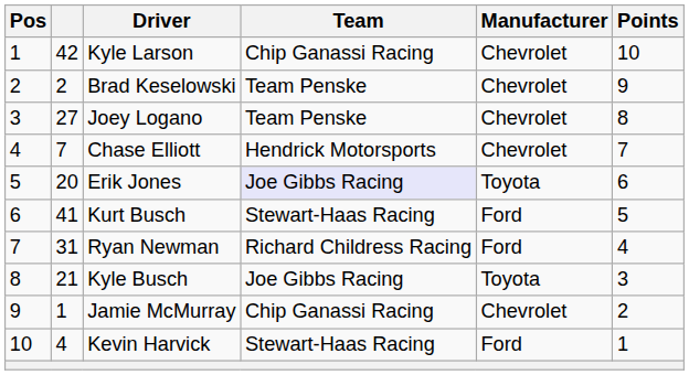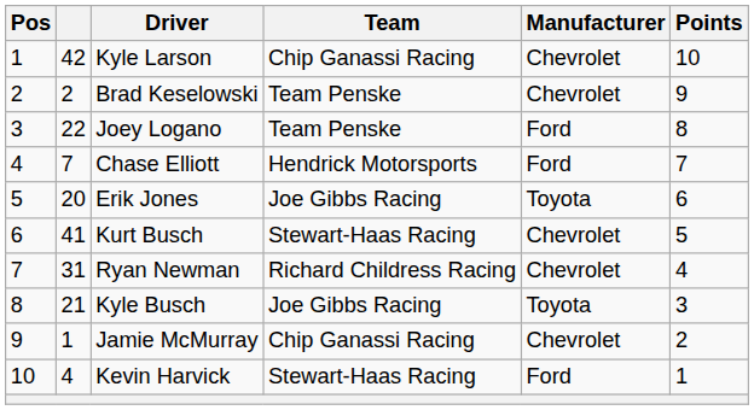 <table class="wikitable" style="font-size:98%">
 <tr>
 <th>Pos</th>
 <th></th>
 <th>Driver</th>
 <th>Team</th>
 <th>Manufacturer</th>
 <th>Points</th>
 </tr>
 <tr>
 <td>1</td>
 <td>42</td>
 <td>Kyle Larson</td>
 <td>Chip Ganassi Racing</td>
 <td>Chevrolet</td>
 <td>10</td>
 </tr>
 <tr>
 <td>2</td>
 <td>2</td>
 <td>Brad Keselowski</td>
 <td>Team Penske</td>
 <td>Chevrolet</td>
 <td>9</td>
 </tr>
 <tr>
 <td>3</td>
-<td>27</td>
+<td>22</td>
 <td>Joey Logano</td>
 <td>Team Penske</td>
-<td>Chevrolet</td>
+<td>Ford</td>
 <td>8</td>
 </tr>
 <tr>
 <td>4</td>
 <td>7</td>
 <td>Chase Elliott</td>
 <td>Hendrick Motorsports</td>
-<td>Chevrolet</td>
+<td>Ford</td>
 <td>7</td>
 </tr>
 <tr>
 <td>5</td>
 <td>20</td>
 <td>Erik Jones</td>
-<td style="background: lavender;">Joe Gibbs Racing</td>
+<td>Joe Gibbs Racing</td>
 <td>Toyota</td>
 <td>6</td>
 </tr>
 <tr>
 <td>6</td>
 <td>41</td>
 <td>Kurt Busch</td>
 <td>Stewart-Haas Racing</td>
-<td>Ford</td>
+<td>Chevrolet</td>
 <td>5</td>
 </tr>
 <tr>
 <td>7</td>
 <td>31</td>
 <td>Ryan Newman</td>
 <td>Richard Childress Racing</td>
-<td>Ford</td>
+<td>Chevrolet</td>
 <td>4</td>
 </tr>
 <tr>
 <td>8</td>
 <td>21</td>
 <td>Kyle Busch</td>
 <td>Joe Gibbs Racing</td>
 <td>Toyota</td>
 <td>3</td>
 </tr>
 <tr>
 <td>9</td>
 <td>1</td>
 <td>Jamie McMurray</td>
 <td>Chip Ganassi Racing</td>
 <td>Chevrolet</td>
 <td>2</td>
 </tr>
 <tr>
 <td>10</td>
 <td>4</td>
 <td>Kevin Harvick</td>
 <td>Stewart-Haas Racing</td>
 <td>Ford</td>
 <td>1</td>
 </tr>
 <tr>
 <th colspan="6"></th>
 </tr>
 </table>
